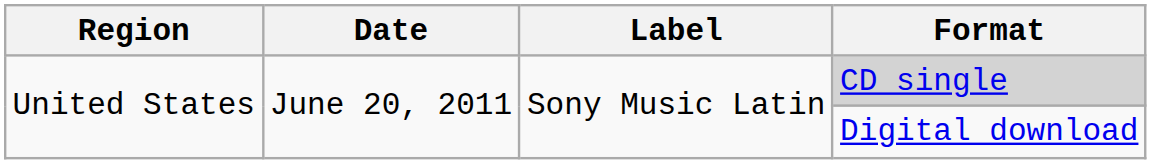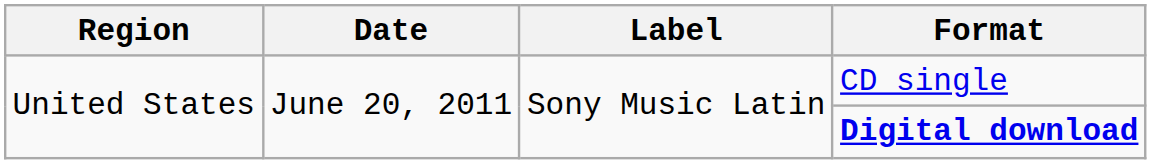 <table class="wikitable">
 <tr>
 <th>Region</th>
 <th>Date</th>
 <th>Label</th>
 <th>Format</th>
 </tr>
 <tr>
 <td rowspan="2">United States</td>
 <td rowspan="2">June 20, 2011</td>
 <td rowspan="2">Sony Music Latin</td>
-<td style="background: lightgrey;"><a href='#'>CD single</a></td>
+<td><a href='#'>CD single</a></td>
 </tr>
 <tr>
-<td><a href='#'>Digital download</a></td>
+<td><strong><a href='#'>Digital download</a></strong></td>
 </tr>
 </table>
